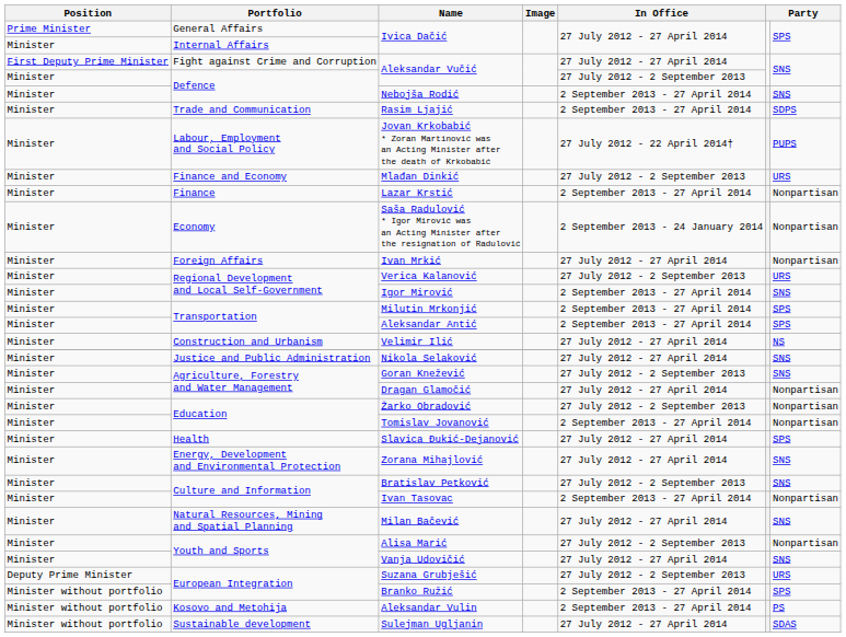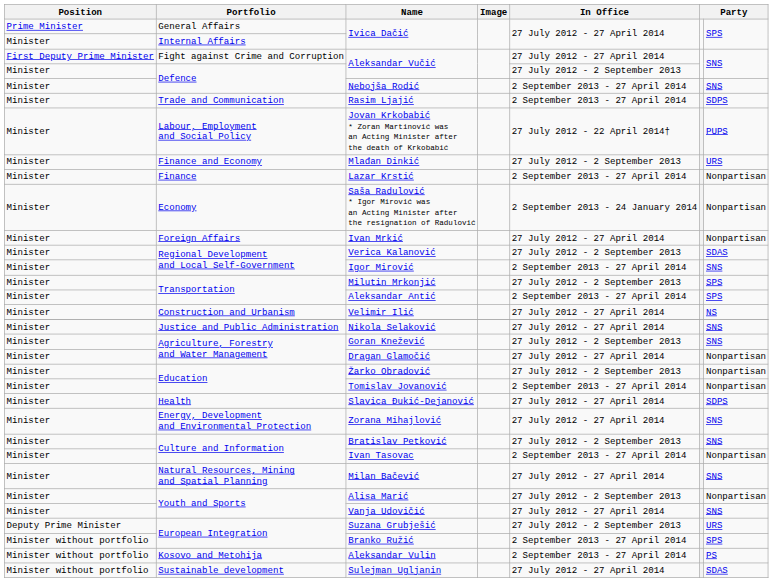 <table class="wikitable">
 <tr>
 <th colspan="1" bgcolor="#EEEEEE">Position</th>
 <th colspan="1" bgcolor="#EEEEEE">Portfolio</th>
 <th colspan="1" bgcolor="#EEEEEE">Name</th>
 <th colspan="1" bgcolor="#EEEEEE">Image</th>
 <th colspan="1" bgcolor="#EEEEEE">In Office</th>
 <th colspan="2" bgcolor="#EEEEEE">Party</th>
 </tr>
 <tr>
 <td><a href='#'>Prime Minister</a></td>
 <td>General Affairs</td>
 <td rowspan="2"><a href='#'>Ivica Dačić</a></td>
 <td rowspan="2"></td>
 <td rowspan="2">27 July 2012 - 27 April 2014</td>
 <td rowspan=2 style="background:"></td>
 <td rowspan="2"><a href='#'>SPS</a></td>
 </tr>
 <tr>
 <td>Minister</td>
 <td><a href='#'>Internal Affairs</a></td>
 </tr>
 <tr>
 <td><a href='#'>First Deputy Prime Minister</a></td>
 <td>Fight against Crime and Corruption</td>
 <td rowspan="2"><a href='#'>Aleksandar Vučić</a></td>
 <td rowspan="2"></td>
 <td>27 July 2012 - 27 April 2014</td>
 <td rowspan=2 style="background:"></td>
 <td rowspan="2"><a href='#'>SNS</a></td>
 </tr>
 <tr>
 <td>Minister</td>
 <td rowspan="2"><a href='#'>Defence</a></td>
 <td>27 July 2012 - 2 September 2013</td>
 </tr>
 <tr>
 <td>Minister</td>
 <td><a href='#'>Nebojša Rodić</a></td>
 <td></td>
 <td>2 September 2013 - 27 April 2014</td>
 <th style="background:"></th>
 <td><a href='#'>SNS</a></td>
 </tr>
 <tr>
 <td>Minister</td>
 <td><a href='#'>Trade and Communication</a></td>
 <td><a href='#'>Rasim Ljajić</a></td>
 <td></td>
 <td>2 September 2013 - 27 April 2014</td>
 <th style="background:"></th>
 <td><a href='#'>SDPS</a></td>
 </tr>
 <tr>
 <td>Minister</td>
 <td><a href='#'>Labour, Employment<br>and Social Policy</a></td>
 <td><a href='#'>Jovan Krkobabić</a> <br><small> * Zoran Martinović was<br>an Acting Minister after<br>the death of Krkobabić</small></td>
 <td></td>
 <td>27 July 2012 - 22 April 2014†</td>
 <th style="background:"></th>
 <td><a href='#'>PUPS</a></td>
 </tr>
 <tr>
 <td>Minister</td>
 <td><a href='#'>Finance and Economy</a></td>
 <td><a href='#'>Mlađan Dinkić</a></td>
 <td></td>
 <td>27 July 2012 - 2 September 2013</td>
 <th style="background:"></th>
 <td><a href='#'>URS</a></td>
 </tr>
 <tr>
 <td>Minister</td>
 <td><a href='#'>Finance</a></td>
 <td><a href='#'>Lazar Krstić</a></td>
 <td></td>
 <td>2 September 2013 - 27 April 2014</td>
 <th style="background:"></th>
 <td>Nonpartisan</td>
 </tr>
 <tr>
 <td>Minister</td>
 <td><a href='#'>Economy</a></td>
 <td><a href='#'>Saša Radulović</a> <br><small> * Igor Mirović was<br>an Acting Minister after<br>the resignation of Radulović</small></td>
 <td></td>
 <td>2 September 2013 - 24 January 2014</td>
 <th style="background:"></th>
 <td>Nonpartisan</td>
 </tr>
 <tr>
 <td>Minister</td>
 <td><a href='#'>Foreign Affairs</a></td>
 <td><a href='#'>Ivan Mrkić</a></td>
 <td></td>
 <td>27 July 2012 - 27 April 2014</td>
 <th style="background:"></th>
 <td>Nonpartisan</td>
 </tr>
 <tr>
 <td>Minister</td>
 <td rowspan="2"><a href='#'>Regional Development<br>and Local Self-Government</a></td>
 <td><a href='#'>Verica Kalanović</a></td>
 <td></td>
 <td>27 July 2012 - 2 September 2013</td>
 <th style="background:"></th>
-<td><a href='#'>URS</a></td>
+<td><a href='#'>SDAS</a></td>
 </tr>
 <tr>
 <td>Minister</td>
 <td><a href='#'>Igor Mirović</a></td>
 <td></td>
 <td>2 September 2013 - 27 April 2014</td>
 <th style="background:"></th>
 <td><a href='#'>SNS</a></td>
 </tr>
 <tr>
 <td>Minister</td>
 <td rowspan="2"><a href='#'>Transportation</a></td>
 <td><a href='#'>Milutin Mrkonjić</a></td>
 <td></td>
-<td>2 September 2013 - 27 April 2014</td>
+<td>27 July 2012 - 2 September 2013</td>
 <th style="background:"></th>
 <td><a href='#'>SPS</a></td>
 </tr>
 <tr>
 <td>Minister</td>
 <td><a href='#'>Aleksandar Antić</a></td>
 <td></td>
 <td>2 September 2013 - 27 April 2014</td>
 <th style="background:"></th>
 <td><a href='#'>SPS</a></td>
 </tr>
 <tr>
 <td>Minister</td>
 <td><a href='#'>Construction and Urbanism</a></td>
 <td><a href='#'>Velimir Ilić</a></td>
 <td></td>
 <td>27 July 2012 - 27 April 2014</td>
 <th style="background:"></th>
 <td><a href='#'>NS</a></td>
 </tr>
 <tr>
 </tr>
 <tr>
 <td>Minister</td>
 <td><a href='#'>Justice and Public Administration</a></td>
 <td><a href='#'>Nikola Selaković</a></td>
 <td></td>
 <td>27 July 2012 - 27 April 2014</td>
 <th style="background:"></th>
 <td><a href='#'>SNS</a></td>
 </tr>
 <tr>
 <td>Minister</td>
 <td rowspan="2"><a href='#'>Agriculture, Forestry<br>and Water Management</a></td>
 <td><a href='#'>Goran Knežević</a></td>
 <td></td>
 <td>27 July 2012 - 2 September 2013</td>
 <th style="background:"></th>
 <td><a href='#'>SNS</a></td>
 </tr>
 <tr>
 <td>Minister</td>
 <td><a href='#'>Dragan Glamočić</a></td>
 <td></td>
 <td>27 July 2012 - 27 April 2014</td>
 <th style="background:"></th>
 <td>Nonpartisan</td>
 </tr>
 <tr>
 <td>Minister</td>
 <td rowspan="2"><a href='#'>Education</a></td>
 <td><a href='#'>Žarko Obradović</a></td>
 <td></td>
 <td>27 July 2012 - 2 September 2013</td>
 <th style="background:"></th>
 <td>Nonpartisan</td>
 </tr>
 <tr>
 <td>Minister</td>
 <td><a href='#'>Tomislav Jovanović</a></td>
 <td></td>
 <td>2 September 2013 - 27 April 2014</td>
 <th style="background:"></th>
 <td>Nonpartisan</td>
 </tr>
 <tr>
 <td>Minister</td>
 <td><a href='#'>Health</a></td>
 <td><a href='#'>Slavica Đukić-Dejanović</a></td>
 <td></td>
 <td>27 July 2012 - 27 April 2014</td>
 <th style="background:"></th>
-<td><a href='#'>SPS</a></td>
+<td><a href='#'>SDPS</a></td>
 </tr>
 <tr>
 <td>Minister</td>
 <td><a href='#'>Energy, Development<br>and Environmental Protection</a></td>
 <td><a href='#'>Zorana Mihajlović</a></td>
 <td></td>
 <td>27 July 2012 - 27 April 2014</td>
 <th style="background:"></th>
 <td><a href='#'>SNS</a></td>
 </tr>
 <tr>
 <td>Minister</td>
 <td rowspan="2"><a href='#'>Culture and Information</a></td>
 <td><a href='#'>Bratislav Petković</a></td>
 <td></td>
 <td>27 July 2012 - 2 September 2013</td>
 <th style="background:"></th>
 <td><a href='#'>SNS</a></td>
 </tr>
 <tr>
 <td>Minister</td>
 <td><a href='#'>Ivan Tasovac</a></td>
 <td></td>
 <td>2 September 2013 - 27 April 2014</td>
 <th style="background:"></th>
 <td>Nonpartisan</td>
 </tr>
 <tr>
 <td>Minister</td>
 <td><a href='#'>Natural Resources, Mining<br>and Spatial Planning</a></td>
 <td><a href='#'>Milan Bačević</a></td>
 <td></td>
 <td>27 July 2012 - 27 April 2014</td>
 <th style="background:"></th>
 <td><a href='#'>SNS</a></td>
 </tr>
 <tr>
 <td>Minister</td>
 <td rowspan="2"><a href='#'>Youth and Sports</a></td>
 <td><a href='#'>Alisa Marić</a></td>
 <td></td>
 <td>27 July 2012 - 2 September 2013</td>
 <th style="background:"></th>
 <td>Nonpartisan</td>
 </tr>
 <tr>
 <td>Minister</td>
 <td><a href='#'>Vanja Udovičić</a></td>
 <td></td>
 <td>27 July 2012 - 27 April 2014</td>
 <th style="background:"></th>
 <td><a href='#'>SNS</a></td>
 </tr>
 <tr>
 <td>Deputy Prime Minister</td>
 <td rowspan="2"><a href='#'>European Integration</a></td>
 <td><a href='#'>Suzana Grubješić</a></td>
 <td></td>
 <td>27 July 2012 - 2 September 2013</td>
 <th style="background:"></th>
 <td><a href='#'>URS</a></td>
 </tr>
 <tr>
 <td>Minister without portfolio</td>
 <td><a href='#'>Branko Ružić</a></td>
 <td></td>
 <td>2 September 2013 -  27 April 2014</td>
 <th style="background:"></th>
 <td><a href='#'>SPS</a></td>
 </tr>
 <tr>
 <td>Minister without portfolio</td>
 <td><a href='#'>Kosovo and Metohija</a></td>
 <td><a href='#'>Aleksandar Vulin</a></td>
 <td></td>
 <td>2 September 2013 -  27 April 2014</td>
 <th style="background:"></th>
 <td><a href='#'>PS</a></td>
 </tr>
 <tr>
 <td>Minister without portfolio</td>
 <td><a href='#'>Sustainable development</a></td>
 <td><a href='#'>Sulejman Ugljanin</a></td>
 <td></td>
 <td>27 July 2012 -  27 April 2014</td>
 <th style="background:"></th>
 <td><a href='#'>SDAS</a></td>
 </tr>
 </table>
